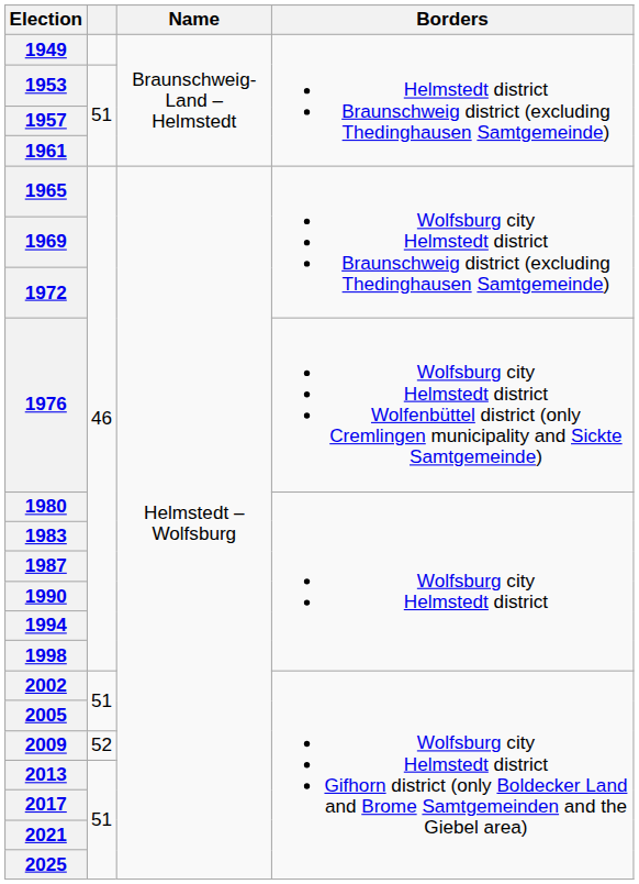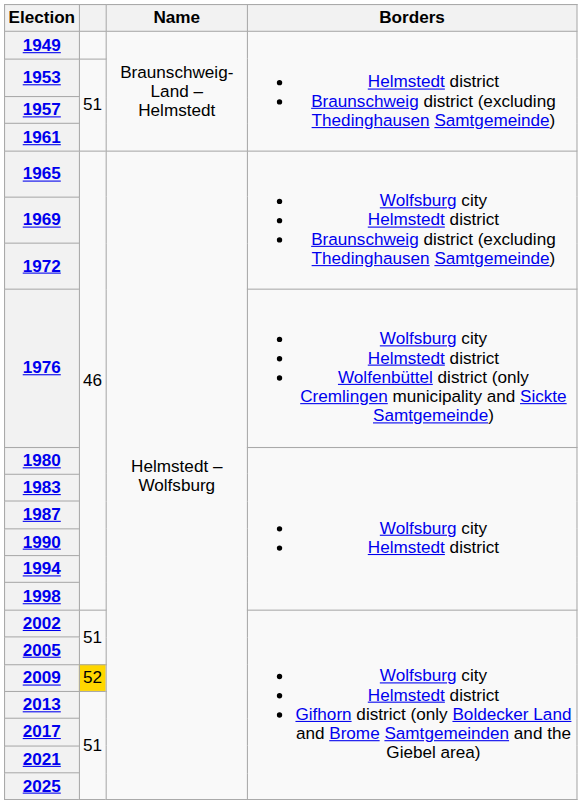 <table class=wikitable style="text-align:center">
 <tr>
 <th>Election</th>
 <th></th>
 <th width=125px>Name</th>
 <th width=300px>Borders</th>
 </tr>
 <tr>
 <th><a href='#'>1949</a></th>
 <td></td>
 <td rowspan=4>Braunschweig-Land – Helmstedt</td>
 <td rowspan=4><br><ul><li><a href='#'>Helmstedt</a> district</li><li><a href='#'>Braunschweig</a> district (excluding <a href='#'>Thedinghausen</a> <a href='#'>Samtgemeinde</a>)</li></ul></td>
 </tr>
 <tr>
 <th><a href='#'>1953</a></th>
 <td rowspan=3>51</td>
 </tr>
 <tr>
 <th><a href='#'>1957</a></th>
 </tr>
 <tr>
 <th><a href='#'>1961</a></th>
 </tr>
 <tr>
 <th><a href='#'>1965</a></th>
 <td rowspan=10>46</td>
 <td rowspan=17>Helmstedt – Wolfsburg</td>
 <td rowspan=3><br><ul><li><a href='#'>Wolfsburg</a> city</li><li><a href='#'>Helmstedt</a> district</li><li><a href='#'>Braunschweig</a> district (excluding <a href='#'>Thedinghausen</a> <a href='#'>Samtgemeinde</a>)</li></ul></td>
 </tr>
 <tr>
 <th><a href='#'>1969</a></th>
 </tr>
 <tr>
 <th><a href='#'>1972</a></th>
 </tr>
 <tr>
 <th><a href='#'>1976</a></th>
 <td><br><ul><li><a href='#'>Wolfsburg</a> city</li><li><a href='#'>Helmstedt</a> district</li><li><a href='#'>Wolfenbüttel</a> district (only <a href='#'>Cremlingen</a> municipality and <a href='#'>Sickte</a> <a href='#'>Samtgemeinde</a>)</li></ul></td>
 </tr>
 <tr>
 <th><a href='#'>1980</a></th>
 <td rowspan=6><br><ul><li><a href='#'>Wolfsburg</a> city</li><li><a href='#'>Helmstedt</a> district</li></ul></td>
 </tr>
 <tr>
 <th><a href='#'>1983</a></th>
 </tr>
 <tr>
 <th><a href='#'>1987</a></th>
 </tr>
 <tr>
 <th><a href='#'>1990</a></th>
 </tr>
 <tr>
 <th><a href='#'>1994</a></th>
 </tr>
 <tr>
 <th><a href='#'>1998</a></th>
 </tr>
 <tr>
 <th><a href='#'>2002</a></th>
 <td rowspan=2>51</td>
 <td rowspan=7><br><ul><li><a href='#'>Wolfsburg</a> city</li><li><a href='#'>Helmstedt</a> district</li><li><a href='#'>Gifhorn</a> district (only <a href='#'>Boldecker Land</a> and <a href='#'>Brome</a> <a href='#'>Samtgemeinden</a> and the Giebel area)</li></ul></td>
 </tr>
 <tr>
 <th><a href='#'>2005</a></th>
 </tr>
 <tr>
 <th><a href='#'>2009</a></th>
-<td>52</td>
+<td style="background: gold;">52</td>
 </tr>
 <tr>
 <th><a href='#'>2013</a></th>
 <td rowspan=4>51</td>
 </tr>
 <tr>
 <th><a href='#'>2017</a></th>
 </tr>
 <tr>
 <th><a href='#'>2021</a></th>
 </tr>
 <tr>
 <th><a href='#'>2025</a></th>
 </tr>
 </table>
